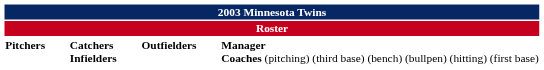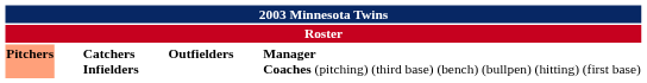 <table class="toccolours" style="font-size: 95%;">
 <tr>
 <th colspan="10" style="background-color: #072764; color: #FFFFFF; text-align: center;">2003 Minnesota Twins</th>
 </tr>
 <tr>
 <td colspan="10" style="background-color: #c6011f; color: white; text-align: center;"><strong>Roster</strong></td>
 </tr>
 <tr>
-<td valign="top"><strong>Pitchers</strong><br>                   </td>
+<td valign="top" style="background: lightsalmon;"><strong>Pitchers</strong><br>                   </td>
 <td width="25px"></td>
 <td valign="top"><strong>Catchers</strong><br>    <strong>Infielders</strong>         </td>
 <td width="25px"></td>
 <td valign="top"><strong>Outfielders</strong><br>        </td>
 <td width="25px"></td>
 <td valign="top"><strong>Manager</strong><br> <strong>Coaches</strong>  (pitching)  (third base)  (bench)  (bullpen)  (hitting)  (first base)</td>
 </tr>
 <tr>
 </tr>
 <tr>
 </tr>
 </table>
